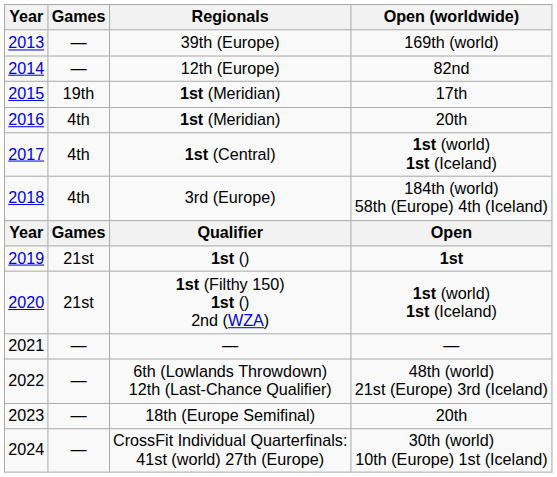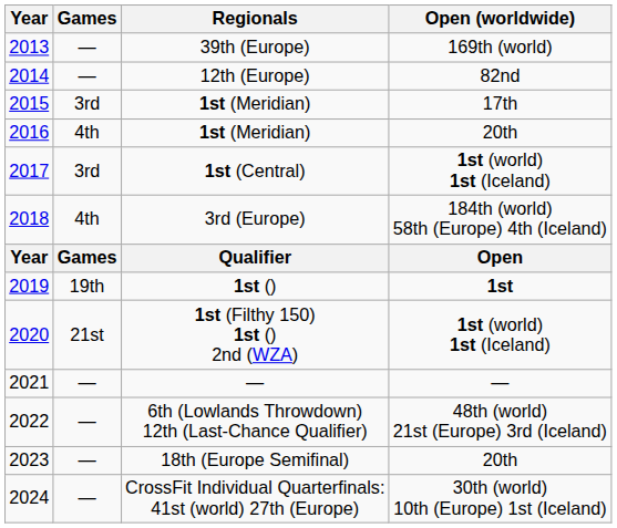 <table class="wikitable" style="text-align:center">
 <tr>
 <th>Year</th>
 <th>Games</th>
 <th>Regionals</th>
 <th>Open (worldwide)</th>
 </tr>
 <tr>
 <td><a href='#'>2013</a></td>
 <td>—</td>
 <td>39th (Europe)</td>
 <td>169th (world)</td>
 </tr>
 <tr>
 <td><a href='#'>2014</a></td>
 <td>—</td>
 <td>12th (Europe)</td>
 <td>82nd</td>
 </tr>
 <tr>
 <td><a href='#'>2015</a></td>
-<td>19th</td>
+<td>3rd</td>
 <td><strong>1st</strong> (Meridian)</td>
 <td>17th</td>
 </tr>
 <tr>
 <td><a href='#'>2016</a></td>
 <td>4th</td>
 <td><strong>1st</strong> (Meridian)</td>
 <td>20th</td>
 </tr>
 <tr>
 <td><a href='#'>2017</a></td>
-<td>4th</td>
+<td>3rd</td>
 <td><strong>1st</strong> (Central)</td>
 <td><strong>1st</strong> (world)<br><strong>1st</strong> (Iceland)</td>
 </tr>
 <tr>
 <td><a href='#'>2018</a></td>
 <td>4th</td>
 <td>3rd (Europe)</td>
 <td>184th (world)<br>58th (Europe) 4th (Iceland)</td>
 </tr>
 <tr>
 <th>Year</th>
 <th>Games</th>
 <th>Qualifier</th>
 <th>Open</th>
 </tr>
 <tr>
 <td><a href='#'>2019</a></td>
-<td>21st</td>
+<td>19th</td>
 <td><strong>1st</strong> ()</td>
 <td><strong>1st</strong></td>
 </tr>
 <tr>
 <td><a href='#'>2020</a></td>
 <td>21st</td>
 <td><strong>1st</strong> (Filthy 150)<br><strong>1st</strong> ()<br>2nd (<a href='#'>WZA</a>)</td>
 <td><strong>1st</strong> (world)<br><strong>1st</strong> (Iceland)</td>
 </tr>
 <tr>
 <td>2021</td>
 <td>—</td>
 <td>—</td>
 <td>—</td>
 </tr>
 <tr>
 <td>2022</td>
 <td>—</td>
 <td>6th (Lowlands Throwdown)<br>12th (Last-Chance Qualifier)</td>
 <td>48th (world)<br>21st (Europe) 3rd (Iceland)</td>
 </tr>
 <tr>
 <td>2023</td>
 <td>—</td>
 <td>18th (Europe Semifinal)</td>
 <td>20th</td>
 </tr>
 <tr>
 <td>2024</td>
 <td>—</td>
 <td>CrossFit Individual Quarterfinals:<br>41st (world) 27th (Europe)</td>
 <td>30th (world)<br>10th (Europe) 1st (Iceland)</td>
 </tr>
 </table>
